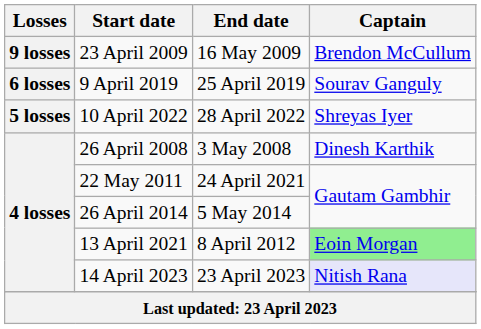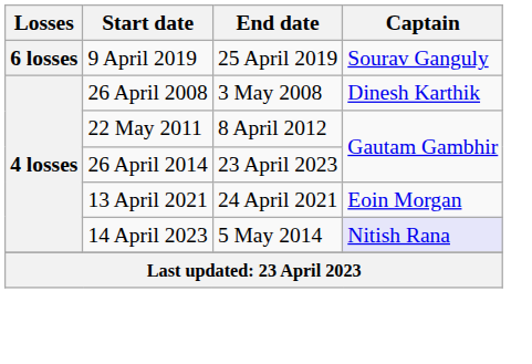 <table class="wikitable sortable" style="text-align:left;font-size:96%;">
 <tr>
 <th>Losses</th>
 <th>Start date</th>
 <th>End date</th>
 <th>Captain</th>
 </tr>
 <tr>
-<th scope=row style=text-align:center;>9 losses</th>
-<td>23 April 2009</td>
-<td>16 May 2009</td>
-<td><a href='#'>Brendon McCullum</a></td>
-</tr>
-<tr>
 <th scope=row style=text-align:center;>6 losses</th>
 <td>9 April 2019</td>
 <td>25 April 2019</td>
 <td><a href='#'>Sourav Ganguly</a></td>
-</tr>
-<tr>
-<th scope=row style=text-align:center;>5 losses</th>
-<td>10 April 2022</td>
-<td>28 April 2022</td>
-<td><a href='#'>Shreyas Iyer</a></td>
 </tr>
 <tr>
 <th scope=row style=text-align:center; rowspan=5>4 losses</th>
 <td>26 April 2008</td>
 <td>3 May 2008</td>
 <td><a href='#'>Dinesh Karthik</a></td>
 </tr>
 <tr>
 <td>22 May 2011</td>
-<td>24 April 2021</td>
+<td>8 April 2012</td>
 <td rowspan=2><a href='#'>Gautam Gambhir</a></td>
 </tr>
 <tr>
 <td>26 April 2014</td>
-<td>5 May 2014</td>
+<td>23 April 2023</td>
 </tr>
 <tr>
 <td>13 April 2021</td>
-<td>8 April 2012</td>
-<td style="background: lightgreen;"><a href='#'>Eoin Morgan</a></td>
+<td>24 April 2021</td>
+<td><a href='#'>Eoin Morgan</a></td>
 </tr>
 <tr>
 <td>14 April 2023</td>
-<td>23 April 2023</td>
+<td>5 May 2014</td>
 <td style="background: lavender;"><a href='#'>Nitish Rana</a></td>
 </tr>
 <tr>
 </tr>
 <tr class="sortbottom">
 <th colspan="4"><small>Last updated: 23 April 2023</small></th>
 </tr>
 </table>
